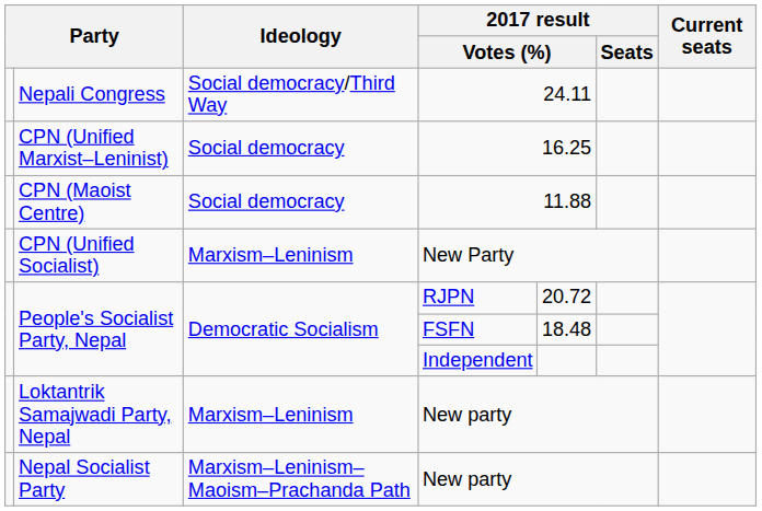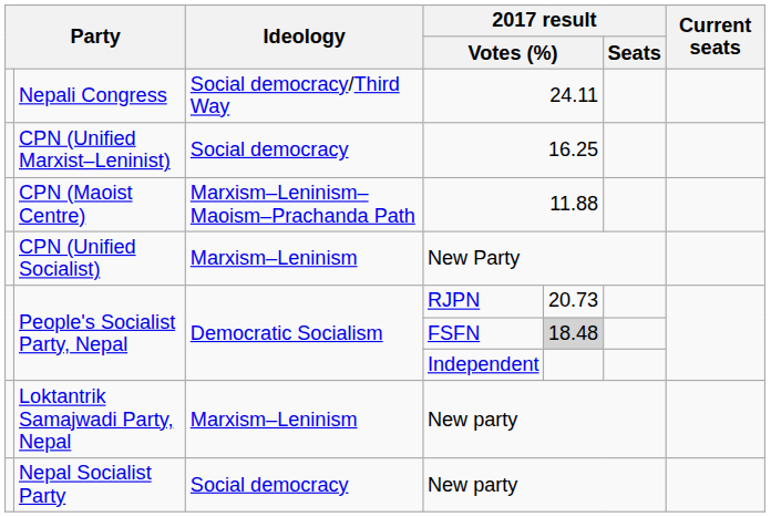 <table class="wikitable">
 <tr>
 <th colspan="2" rowspan="2">Party</th>
 <th rowspan="2">Ideology</th>
 <th colspan="3">2017 result</th>
 <th rowspan="2">Current seats</th>
 </tr>
 <tr>
 <th colspan="2">Votes (%)</th>
 <th>Seats</th>
 </tr>
 <tr>
 <td></td>
 <td><a href='#'>Nepali Congress</a></td>
 <td><a href='#'>Social democracy</a>/<a href='#'>Third Way</a></td>
 <td colspan="2" align="right">24.11</td>
 <td></td>
 <td></td>
 </tr>
 <tr>
 <td></td>
 <td><a href='#'>CPN (Unified Marxist–Leninist)</a></td>
 <td><a href='#'>Social democracy</a></td>
 <td colspan="2" align="right">16.25</td>
 <td></td>
 <td></td>
 </tr>
 <tr>
 <td></td>
 <td><a href='#'>CPN (Maoist Centre)</a></td>
-<td><a href='#'>Social democracy</a></td>
+<td><a href='#'>Marxism–Leninism–Maoism–Prachanda Path</a></td>
 <td colspan="2" align="right">11.88</td>
 <td></td>
 <td></td>
 </tr>
 <tr>
 <td></td>
 <td><a href='#'>CPN (Unified Socialist)</a></td>
 <td><a href='#'>Marxism–Leninism</a></td>
 <td colspan="3">New Party</td>
 <td></td>
 </tr>
 <tr>
 <td rowspan="3"></td>
 <td rowspan="3"><a href='#'>People's Socialist Party, Nepal</a></td>
 <td rowspan="3"><a href='#'>Democratic Socialism</a></td>
 <td><a href='#'>RJPN</a></td>
-<td>20.72</td>
+<td>20.73</td>
 <td></td>
 <td rowspan="3"></td>
 </tr>
 <tr>
 <td><a href='#'>FSFN</a></td>
-<td>18.48</td>
+<td style="background: lightgrey;">18.48</td>
 <td></td>
 </tr>
 <tr>
 <td><a href='#'>Independent</a></td>
 <td></td>
 <td></td>
 </tr>
 <tr>
 <td></td>
 <td><a href='#'>Loktantrik Samajwadi Party, Nepal</a></td>
 <td><a href='#'>Marxism–Leninism</a></td>
 <td colspan="3">New party</td>
 <td></td>
 </tr>
 <tr>
 <td></td>
 <td><a href='#'>Nepal Socialist Party</a></td>
-<td><a href='#'>Marxism–Leninism–Maoism–Prachanda Path</a></td>
+<td><a href='#'>Social democracy</a></td>
 <td colspan="3">New party</td>
 <td></td>
 </tr>
 </table>
